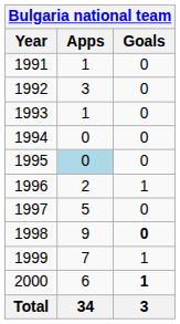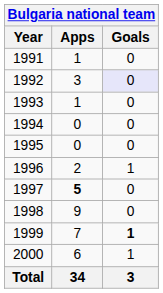 <table class="wikitable" style="text-align:center">
 <tr>
 <th colspan=3><a href='#'>Bulgaria national team</a></th>
 </tr>
 <tr>
 <th>Year</th>
 <th>Apps</th>
 <th>Goals</th>
 </tr>
 <tr>
 <td>1991</td>
 <td>1</td>
 <td>0</td>
 </tr>
 <tr>
 <td>1992</td>
 <td>3</td>
-<td>0</td>
+<td style="background: lavender;">0</td>
 </tr>
 <tr>
 <td>1993</td>
 <td>1</td>
 <td>0</td>
 </tr>
 <tr>
 <td>1994</td>
 <td>0</td>
 <td>0</td>
 </tr>
 <tr>
 <td>1995</td>
-<td style="background: lightblue;">0</td>
+<td>0</td>
 <td>0</td>
 </tr>
 <tr>
 <td>1996</td>
 <td>2</td>
 <td>1</td>
 </tr>
 <tr>
 <td>1997</td>
-<td>5</td>
+<td><strong>5</strong></td>
 <td>0</td>
 </tr>
 <tr>
 <td>1998</td>
 <td>9</td>
-<td><strong>0</strong></td>
+<td>0</td>
 </tr>
 <tr>
 <td>1999</td>
 <td>7</td>
-<td>1</td>
+<td><strong>1</strong></td>
 </tr>
 <tr>
 <td>2000</td>
 <td>6</td>
-<td><strong>1</strong></td>
+<td>1</td>
 </tr>
 <tr>
 <th>Total</th>
 <th>34</th>
 <th>3</th>
 </tr>
 </table>
